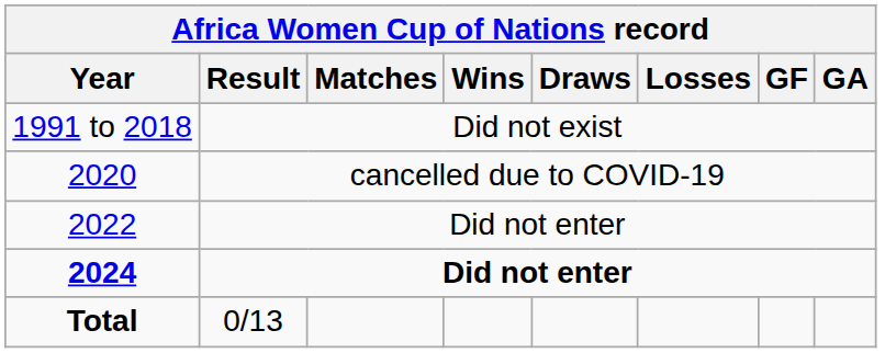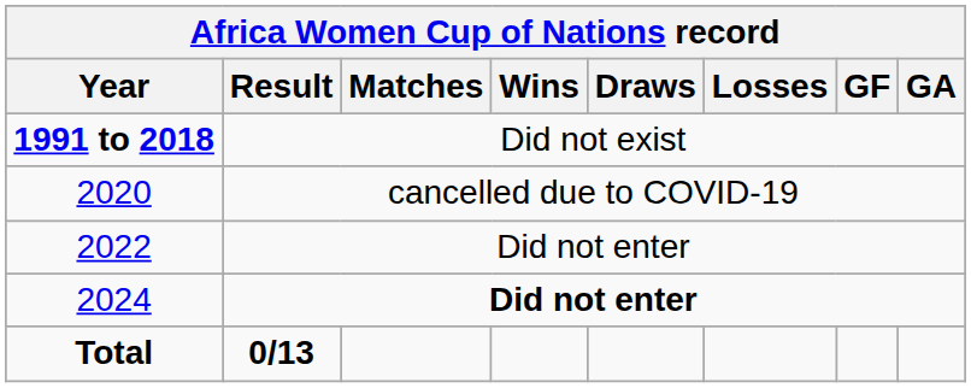 <table class="wikitable" style="text-align: center;">
 <tr>
 <th colspan=8><a href='#'>Africa Women Cup of Nations</a> record</th>
 </tr>
 <tr>
 <th>Year</th>
 <th>Result</th>
 <th>Matches</th>
 <th>Wins</th>
 <th>Draws</th>
 <th>Losses</th>
 <th>GF</th>
 <th>GA</th>
 </tr>
 <tr>
-<td><a href='#'>1991</a> to  <a href='#'>2018</a></td>
+<td><strong><a href='#'>1991</a> to  <a href='#'>2018</a></strong></td>
 <td colspan=8>Did not exist</td>
 </tr>
 <tr>
 <td> <a href='#'>2020</a></td>
 <td colspan=8>cancelled due to COVID-19</td>
 </tr>
 <tr>
 <td> <a href='#'>2022</a></td>
 <td colspan=8>Did not enter</td>
 </tr>
 <tr>
-<td><strong> <a href='#'>2024</a></strong></td>
+<td> <a href='#'>2024</a></td>
 <td colspan=8><strong> Did not enter </strong></td>
 </tr>
 <tr>
 <td><strong>Total</strong></td>
-<td>0/13</td>
+<td><strong>0/13</strong></td>
 <td></td>
 <td></td>
 <td></td>
 <td></td>
 <td></td>
 <td></td>
 </tr>
 </table>
